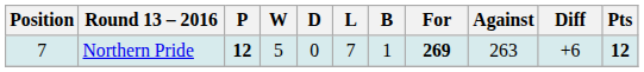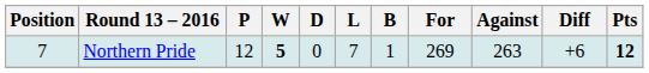 <table class="wikitable" style="text-align:center; font-size:85%;">
 <tr>
 <th width=40 abbr="Position">Position</th>
 <th width=100>Round 13 – 2016</th>
 <th width=20 abbr="Played">P</th>
 <th width=20 abbr="Won">W</th>
 <th width=20 abbr="Drawn">D</th>
 <th width=20 abbr="Lost">L</th>
 <th width=20 abbr="Bye">B</th>
 <th width=40 abbr="Points for">For</th>
 <th width=40 abbr="Points against">Against</th>
 <th width=40 abbr="Points difference">Diff</th>
 <th width=20 abbr="Points">Pts</th>
 </tr>
 <tr style="background: #d7ebed;">
 <td>7</td>
 <td style="text-align:left;"> <a href='#'>Northern Pride</a></td>
-<td><strong>12</strong></td>
-<td>5</td>
+<td>12</td>
+<td><strong>5</strong></td>
 <td>0</td>
 <td>7</td>
 <td>1</td>
-<td><strong>269</strong></td>
+<td>269</td>
 <td>263</td>
 <td>+6</td>
 <td><strong>12</strong></td>
 </tr>
 <tr>
 </tr>
 </table>
